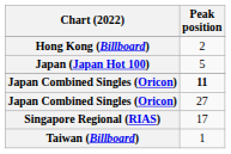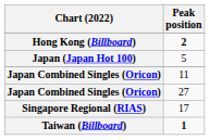 <table class="wikitable sortable plainrowheaders" style="text-align:center">
 <tr>
 <th scope="col">Chart (2022)</th>
 <th scope="col">Peak<br>position</th>
 </tr>
 <tr>
 </tr>
 <tr>
 <th scope="row">Hong Kong (<em><a href='#'>Billboard</a></em>)</th>
-<td>2</td>
+<td><strong>2</strong></td>
 </tr>
 <tr>
 <th scope="row">Japan (<a href='#'>Japan Hot 100</a>)</th>
 <td>5</td>
 </tr>
 <tr>
 </tr>
 <tr>
 <th scope="row">Japan Combined Singles (<a href='#'>Oricon</a>)</th>
-<td><strong>11</strong></td>
+<td>11</td>
 </tr>
 <tr>
 <th scope="row">Japan Combined Singles (<a href='#'>Oricon</a>)<br></th>
 <td>27</td>
 </tr>
 <tr>
 <th scope="row">Singapore Regional (<a href='#'>RIAS</a>)</th>
 <td>17</td>
 </tr>
 <tr>
 <th scope="row">Taiwan (<em><a href='#'>Billboard</a></em>)</th>
-<td>1</td>
+<td><strong>1</strong></td>
 </tr>
 </table>
